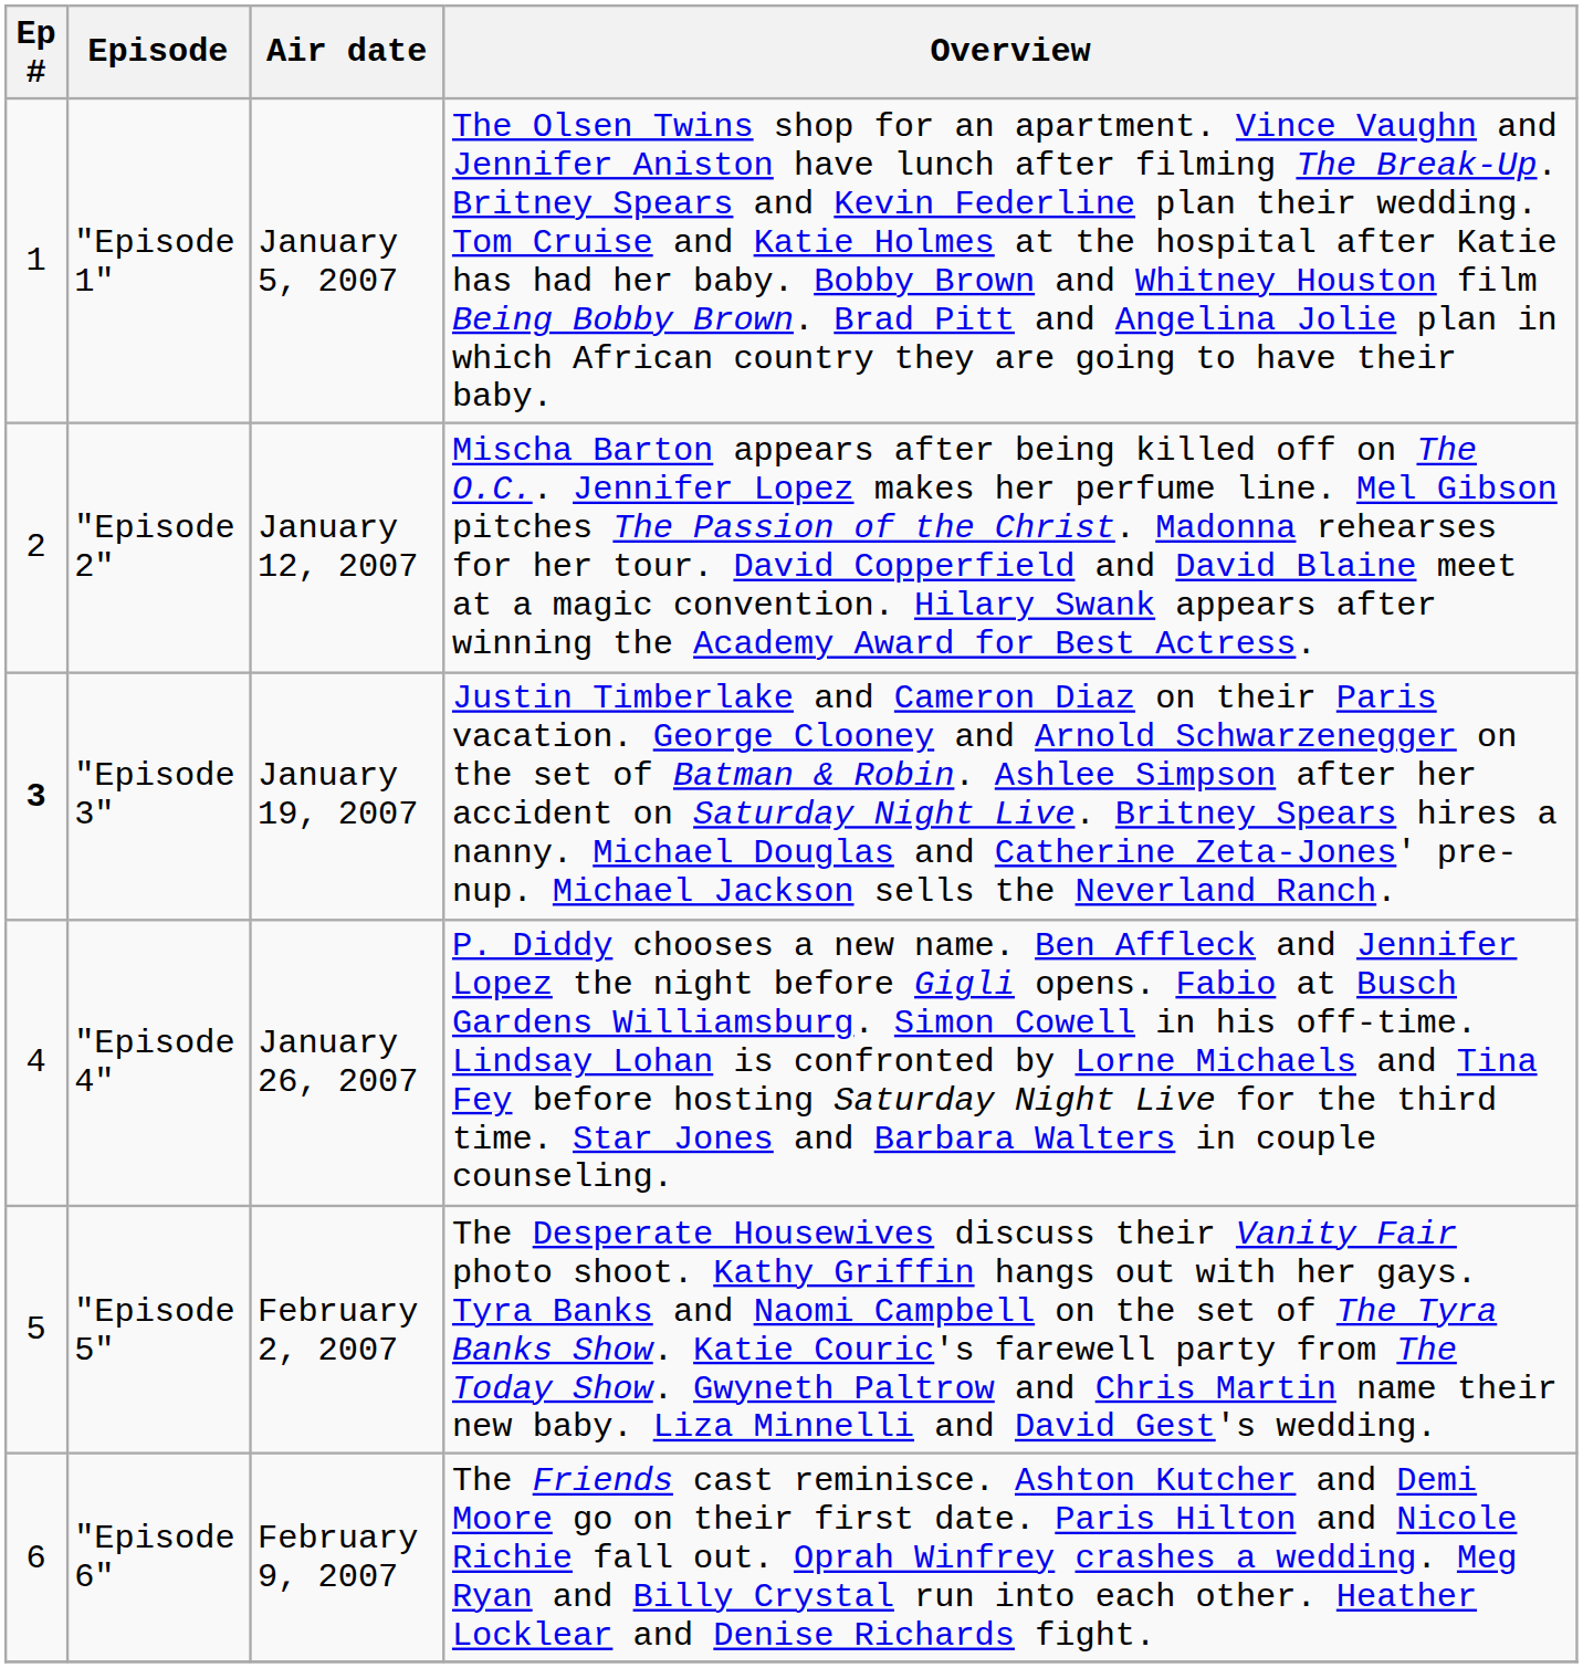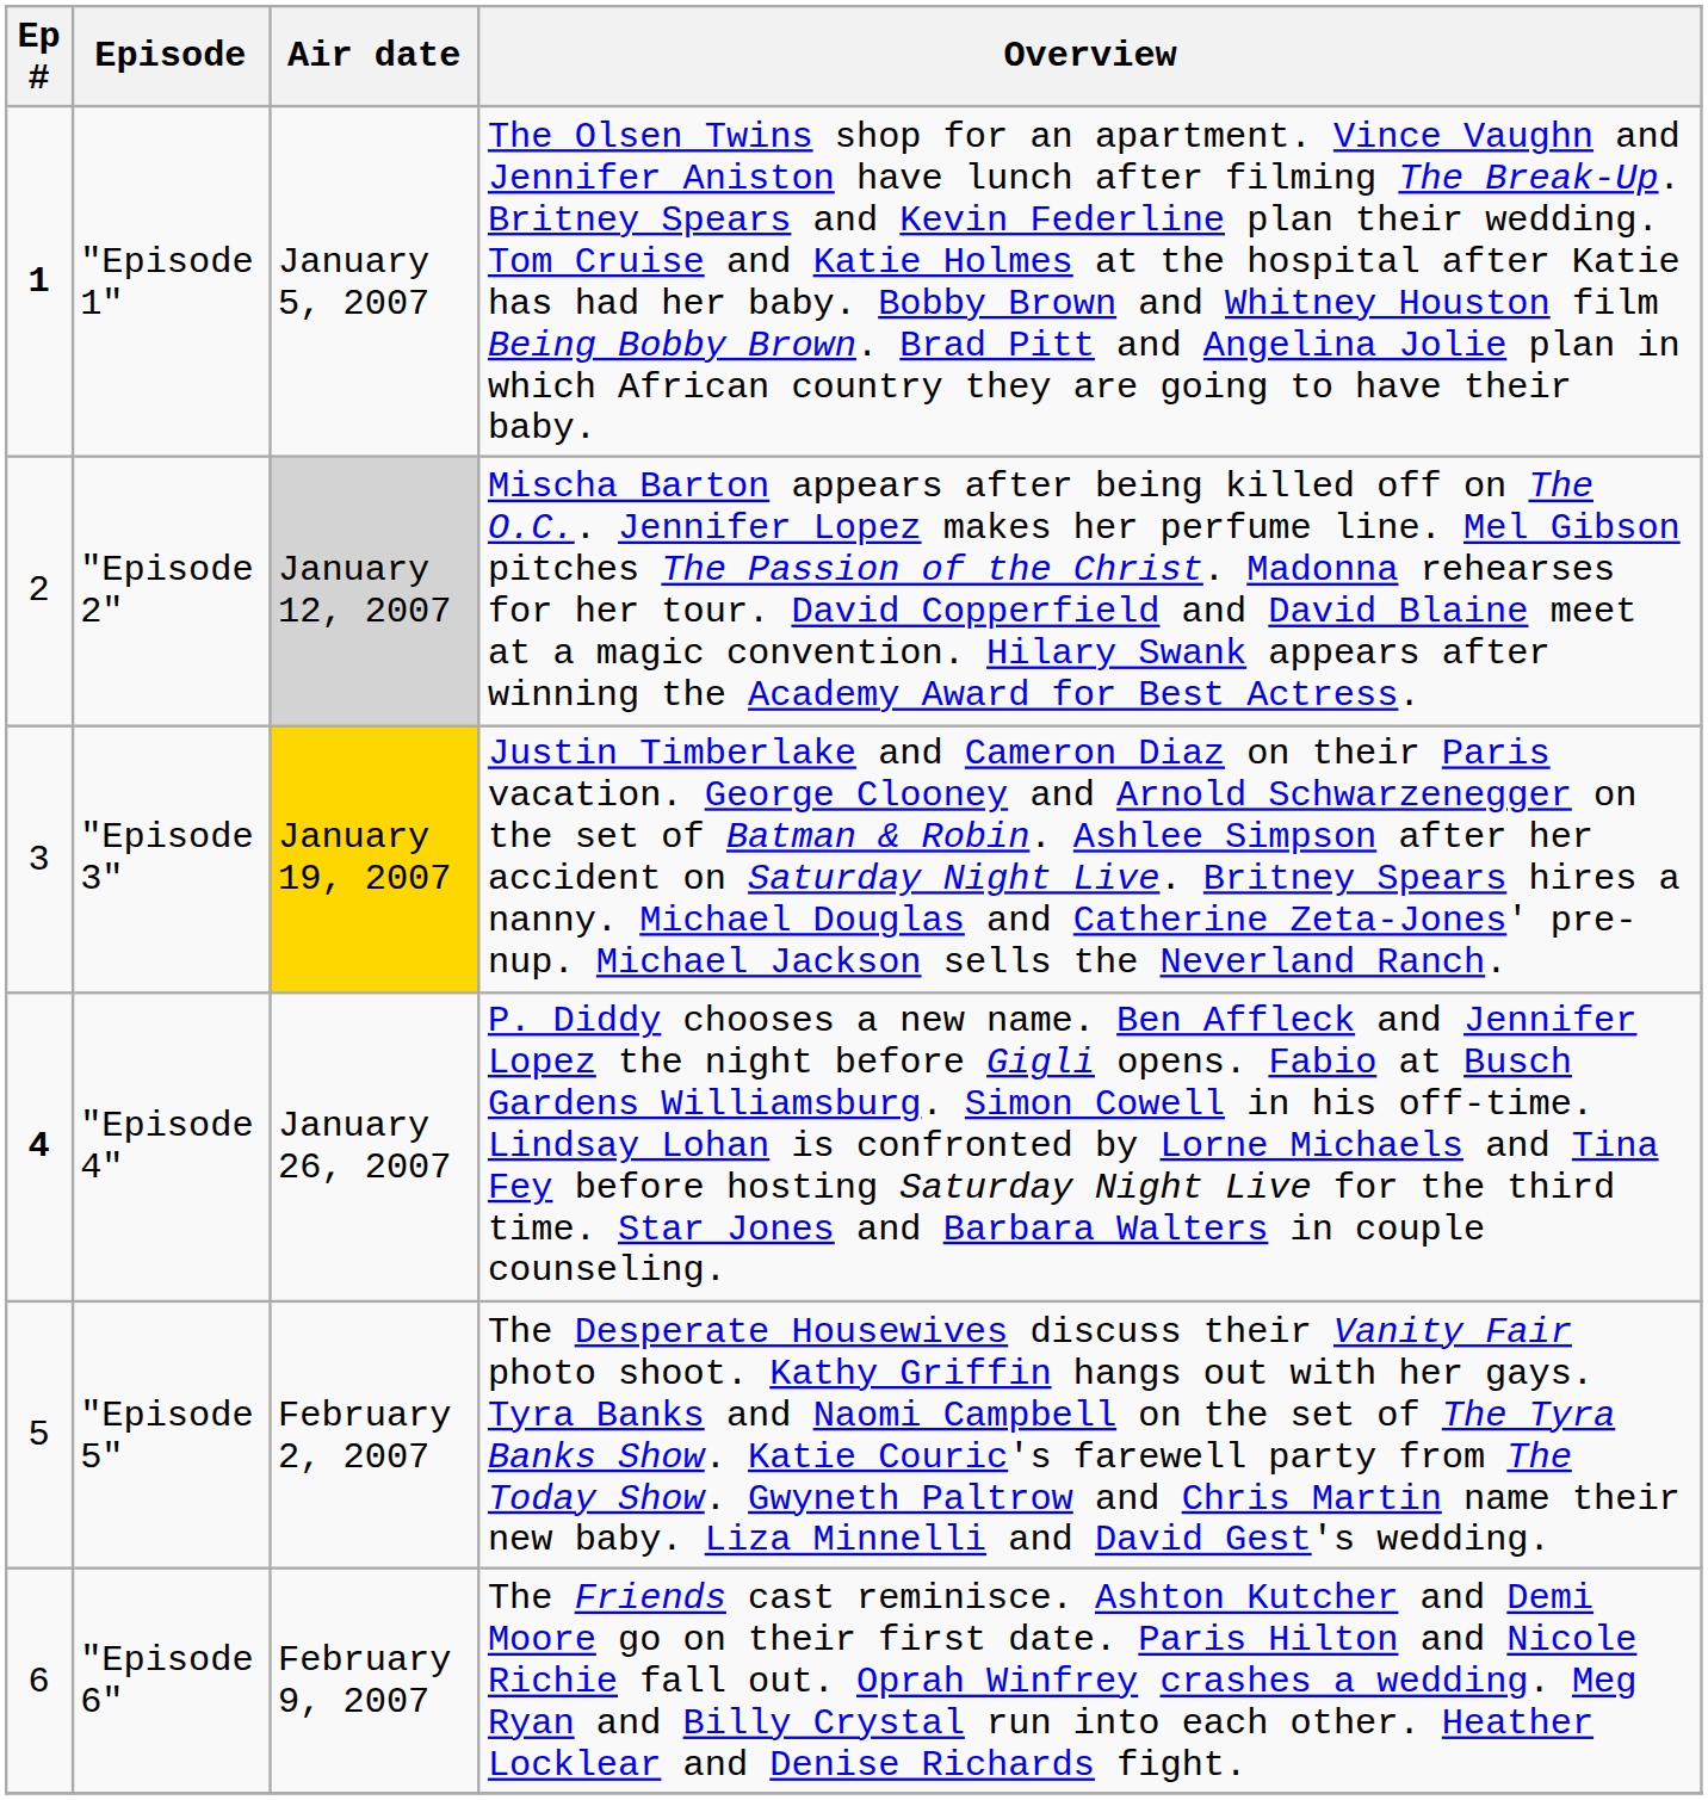 <table class="wikitable">
 <tr>
 <th>Ep #</th>
 <th>Episode</th>
 <th>Air date</th>
 <th>Overview</th>
 </tr>
 <tr>
-<td align="center">1</td>
+<td align="center"><strong>1</strong></td>
 <td>"Episode 1"</td>
 <td>January 5, 2007</td>
 <td><a href='#'>The Olsen Twins</a> shop for an apartment. <a href='#'>Vince Vaughn</a> and <a href='#'>Jennifer Aniston</a> have lunch after filming <em><a href='#'>The Break-Up</a></em>. <a href='#'>Britney Spears</a> and <a href='#'>Kevin Federline</a> plan their wedding. <a href='#'>Tom Cruise</a> and <a href='#'>Katie Holmes</a> at the hospital after Katie has had her baby. <a href='#'>Bobby Brown</a> and <a href='#'>Whitney Houston</a> film <em><a href='#'>Being Bobby Brown</a></em>. <a href='#'>Brad Pitt</a> and <a href='#'>Angelina Jolie</a> plan in which African country they are going to have their baby.</td>
 </tr>
 <tr>
 <td align="center">2</td>
 <td>"Episode 2"</td>
-<td>January 12, 2007</td>
+<td style="background: lightgrey;">January 12, 2007</td>
 <td><a href='#'>Mischa Barton</a> appears after being killed off on <em><a href='#'>The O.C.</a></em>. <a href='#'>Jennifer Lopez</a> makes her perfume line. <a href='#'>Mel Gibson</a> pitches <em><a href='#'>The Passion of the Christ</a></em>. <a href='#'>Madonna</a> rehearses for her tour. <a href='#'>David Copperfield</a> and <a href='#'>David Blaine</a> meet at a magic convention. <a href='#'>Hilary Swank</a> appears after winning the <a href='#'>Academy Award for Best Actress</a>.</td>
 </tr>
 <tr>
-<td align="center"><strong>3</strong></td>
+<td align="center">3</td>
 <td>"Episode 3"</td>
-<td>January 19, 2007</td>
+<td style="background: gold;">January 19, 2007</td>
 <td><a href='#'>Justin Timberlake</a> and <a href='#'>Cameron Diaz</a> on their <a href='#'>Paris</a> vacation. <a href='#'>George Clooney</a> and <a href='#'>Arnold Schwarzenegger</a> on the set of <em><a href='#'>Batman & Robin</a></em>. <a href='#'>Ashlee Simpson</a> after her accident on <em><a href='#'>Saturday Night Live</a></em>. <a href='#'>Britney Spears</a> hires a nanny. <a href='#'>Michael Douglas</a> and <a href='#'>Catherine Zeta-Jones</a>' pre-nup. <a href='#'>Michael Jackson</a> sells the <a href='#'>Neverland Ranch</a>.</td>
 </tr>
 <tr>
-<td align="center">4</td>
+<td align="center"><strong>4</strong></td>
 <td>"Episode 4"</td>
 <td>January 26, 2007</td>
 <td><a href='#'>P. Diddy</a> chooses a new name. <a href='#'>Ben Affleck</a> and <a href='#'>Jennifer Lopez</a> the night before <em><a href='#'>Gigli</a></em> opens. <a href='#'>Fabio</a> at <a href='#'>Busch Gardens Williamsburg</a>. <a href='#'>Simon Cowell</a> in his off-time. <a href='#'>Lindsay Lohan</a> is confronted by <a href='#'>Lorne Michaels</a> and <a href='#'>Tina Fey</a> before hosting <em>Saturday Night Live</em> for the third time. <a href='#'>Star Jones</a> and <a href='#'>Barbara Walters</a> in couple counseling.</td>
 </tr>
 <tr>
 <td align="center">5</td>
 <td>"Episode 5"</td>
 <td>February 2, 2007</td>
 <td>The <a href='#'>Desperate Housewives</a> discuss their <em><a href='#'>Vanity Fair</a></em> photo shoot. <a href='#'>Kathy Griffin</a> hangs out with her gays. <a href='#'>Tyra Banks</a> and <a href='#'>Naomi Campbell</a> on the set of <em><a href='#'>The Tyra Banks Show</a></em>. <a href='#'>Katie Couric</a>'s farewell party from <em><a href='#'>The Today Show</a></em>. <a href='#'>Gwyneth Paltrow</a> and <a href='#'>Chris Martin</a> name their new baby. <a href='#'>Liza Minnelli</a> and <a href='#'>David Gest</a>'s wedding.</td>
 </tr>
 <tr>
 <td align="center">6</td>
 <td>"Episode 6"</td>
 <td>February 9, 2007</td>
 <td>The <em><a href='#'>Friends</a></em> cast reminisce. <a href='#'>Ashton Kutcher</a> and <a href='#'>Demi Moore</a> go on their first date. <a href='#'>Paris Hilton</a> and <a href='#'>Nicole Richie</a> fall out. <a href='#'>Oprah Winfrey</a> <a href='#'>crashes a wedding</a>. <a href='#'>Meg Ryan</a> and <a href='#'>Billy Crystal</a> run into each other. <a href='#'>Heather Locklear</a> and <a href='#'>Denise Richards</a> fight.</td>
 </tr>
 <tr>
 </tr>
 </table>
